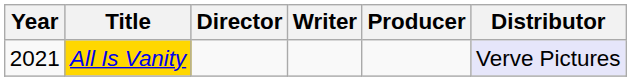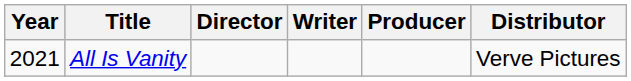 <table class="wikitable">
 <tr>
 <th>Year</th>
 <th>Title</th>
 <th>Director</th>
 <th>Writer</th>
 <th>Producer</th>
 <th>Distributor</th>
 </tr>
 <tr>
 <td>2021</td>
-<td style="background: gold;"><em><a href='#'>All Is Vanity</a></em></td>
+<td><em><a href='#'>All Is Vanity</a></em></td>
 <td></td>
 <td></td>
 <td></td>
-<td style="background: lavender;">Verve Pictures</td>
+<td>Verve Pictures</td>
 </tr>
 </table>
